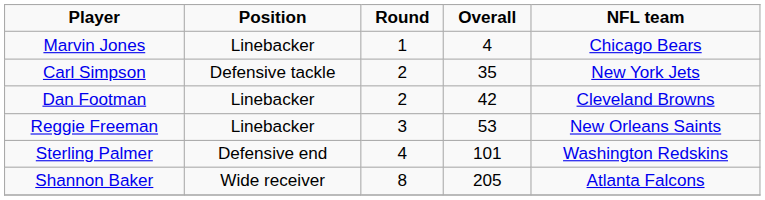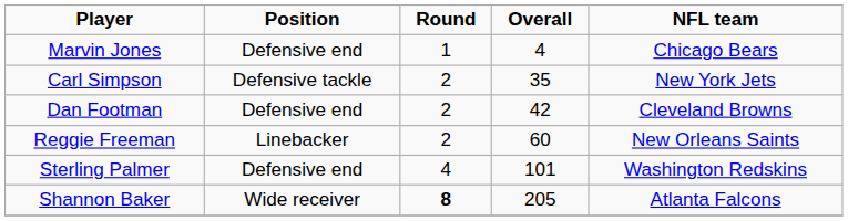 <table class="wikitable" width="80%">
 <tr align="center">
 <td><strong>Player</strong></td>
 <td><strong>Position</strong></td>
 <td><strong>Round</strong></td>
 <td><strong>Overall</strong></td>
 <td><strong>NFL team</strong></td>
 </tr>
 <tr align="center" bgcolor="">
 <td><a href='#'>Marvin Jones</a></td>
-<td>Linebacker</td>
+<td>Defensive end</td>
 <td>1</td>
 <td>4</td>
 <td><a href='#'>Chicago Bears</a></td>
 </tr>
 <tr align="center" bgcolor="">
 <td><a href='#'>Carl Simpson</a></td>
 <td>Defensive tackle</td>
 <td>2</td>
 <td>35</td>
 <td><a href='#'>New York Jets</a></td>
 </tr>
 <tr align="center" bgcolor="">
 <td><a href='#'>Dan Footman</a></td>
-<td>Linebacker</td>
+<td>Defensive end</td>
 <td>2</td>
 <td>42</td>
 <td><a href='#'>Cleveland Browns</a></td>
 </tr>
 <tr align="center" bgcolor="">
 <td><a href='#'>Reggie Freeman</a></td>
 <td>Linebacker</td>
-<td>3</td>
-<td>53</td>
+<td>2</td>
+<td>60</td>
 <td><a href='#'>New Orleans Saints</a></td>
 </tr>
 <tr align="center" bgcolor="">
 <td><a href='#'>Sterling Palmer</a></td>
 <td>Defensive end</td>
 <td>4</td>
 <td>101</td>
 <td><a href='#'>Washington Redskins</a></td>
 </tr>
 <tr align="center" bgcolor="">
 <td><a href='#'>Shannon Baker</a></td>
 <td>Wide receiver</td>
-<td>8</td>
+<td><strong>8</strong></td>
 <td>205</td>
 <td><a href='#'>Atlanta Falcons</a></td>
 </tr>
 <tr align="center" bgcolor="">
 </tr>
 </table>
